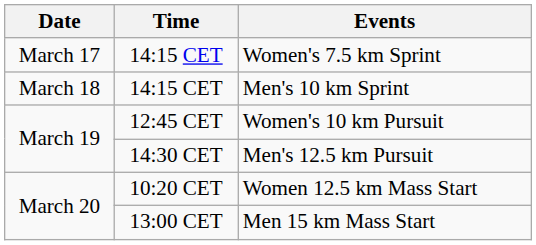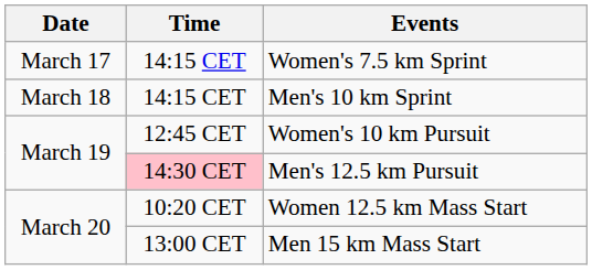 <table class="wikitable" style="text-align: center" width="400">
 <tr>
 <th>Date</th>
 <th>Time</th>
 <th>Events</th>
 </tr>
 <tr>
 <td>March 17</td>
 <td>14:15 <a href='#'>CET</a></td>
 <td style="text-align: left">Women's 7.5 km Sprint</td>
 </tr>
 <tr>
 <td>March 18</td>
 <td>14:15 CET</td>
 <td style="text-align: left">Men's 10 km Sprint</td>
 </tr>
 <tr>
 <td rowspan=2>March 19</td>
 <td>12:45 CET</td>
 <td style="text-align: left">Women's 10 km Pursuit</td>
 </tr>
 <tr>
-<td>14:30 CET</td>
+<td style="background: pink;">14:30 CET</td>
 <td style="text-align: left">Men's 12.5 km Pursuit</td>
 </tr>
 <tr>
 <td rowspan=2>March 20</td>
 <td>10:20 CET</td>
 <td style="text-align: left">Women 12.5 km Mass Start</td>
 </tr>
 <tr>
 <td>13:00 CET</td>
 <td style="text-align: left">Men 15 km Mass Start</td>
 </tr>
 </table>
